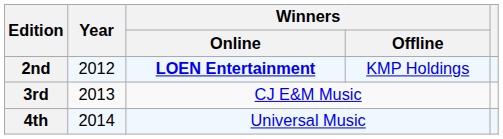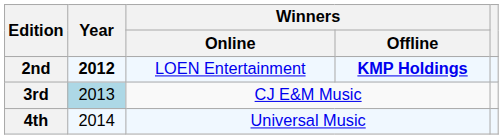 <table class="wikitable plainrowheaders" style="text-align: center">
 <tr>
 <th scope="col" rowspan="2" width="50">Edition</th>
 <th scope="col" rowspan="2" width="50">Year</th>
 <th scope="col" colspan="2" width="350">Winners</th>
 <th scope="col" rowspan="2"></th>
 </tr>
 <tr>
 <th>Online</th>
 <th>Offline</th>
 </tr>
 <tr style="background:#F0F8FF">
 <th scope="row" style="text-align:center">2nd</th>
-<td>2012</td>
-<td><strong><a href='#'>LOEN Entertainment</a></strong></td>
-<td><a href='#'>KMP Holdings</a></td>
+<td><strong>2012</strong></td>
+<td><a href='#'>LOEN Entertainment</a></td>
+<td><strong><a href='#'>KMP Holdings</a></strong></td>
 <td></td>
 </tr>
 <tr>
 <th scope="row" style="text-align:center">3rd</th>
-<td>2013</td>
+<td style="background: lightblue;">2013</td>
 <td colspan="2"><a href='#'>CJ E&M Music</a></td>
 <td></td>
 </tr>
 <tr style="background:#F0F8FF">
 <th scope="row" style="text-align:center">4th</th>
 <td>2014</td>
 <td colspan="2"><a href='#'>Universal Music</a></td>
 <td></td>
 </tr>
 </table>
